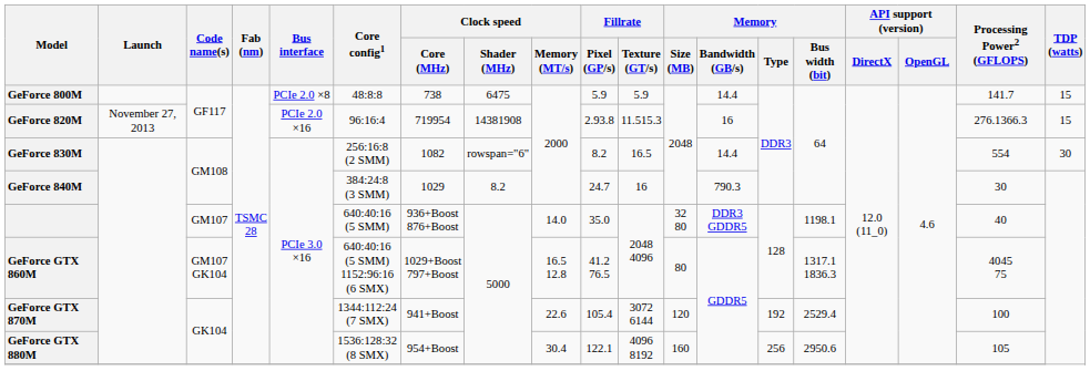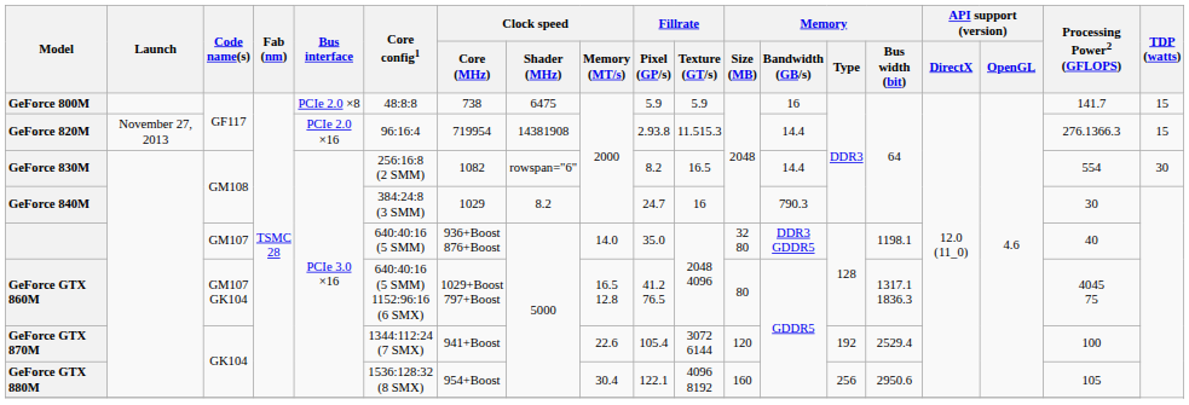 <table class="wikitable sortable sort-under mw-datatable" style="font-size: 85%; text-align: center;">
 <tr>
 <th rowspan="2">Model</th>
 <th rowspan="2">Launch</th>
 <th rowspan="2"><a href='#'>Code<br>name</a>(s)</th>
 <th rowspan="2">Fab<br>(<a href='#'>nm</a>)</th>
 <th rowspan="2"><a href='#'>Bus</a><br><a href='#'>interface</a></th>
 <th rowspan="2">Core config<sup>1</sup></th>
 <th colspan="3">Clock speed</th>
 <th colspan="2"><a href='#'>Fillrate</a></th>
 <th colspan="4"><a href='#'>Memory</a></th>
 <th colspan="2"><a href='#'>API</a> support (version)</th>
 <th rowspan="2">Processing Power<sup>2</sup><br>(<a href='#'>GFLOPS</a>)</th>
 <th rowspan="2"><a href='#'>TDP</a><br>(<a href='#'>watts</a>)</th>
 </tr>
 <tr>
 <th>Core<br>(<a href='#'>MHz</a>)</th>
 <th>Shader<br>(<a href='#'>MHz</a>)</th>
 <th>Memory<br>(<a href='#'>MT/s</a>)</th>
 <th>Pixel<br>(<a href='#'>GP</a>/s)</th>
 <th>Texture<br>(<a href='#'>GT</a>/s)</th>
 <th>Size<br>(<a href='#'>MB</a>)</th>
 <th>Bandwidth<br>(<a href='#'>GB</a>/s)</th>
 <th>Type</th>
 <th>Bus width<br>(<a href='#'>bit</a>)</th>
 <th><a href='#'>DirectX</a></th>
 <th><a href='#'>OpenGL</a></th>
 </tr>
 <tr>
 <th style="text-align:left;">GeForce 800M</th>
 <td></td>
 <td rowspan="2">GF117</td>
 <td rowspan="8"><a href='#'>TSMC</a><br><a href='#'>28</a></td>
 <td><a href='#'>PCIe 2.0</a> ×8</td>
 <td>48:8:8</td>
 <td>738</td>
 <td>6475</td>
 <td rowspan="4">2000</td>
 <td>5.9</td>
 <td>5.9</td>
 <td rowspan="4">2048</td>
-<td>14.4</td>
+<td>16</td>
 <td rowspan="4"><a href='#'>DDR3</a></td>
 <td rowspan="4">64</td>
 <td rowspan="8">12.0<br>(11_0)</td>
 <td rowspan="8">4.6</td>
 <td>141.7</td>
 <td>15</td>
 </tr>
 <tr>
 <th style="text-align:left;">GeForce 820M</th>
 <td>November 27, 2013</td>
 <td><a href='#'>PCIe 2.0</a> ×16</td>
 <td>96:16:4</td>
 <td>719954</td>
 <td>14381908</td>
 <td>2.93.8</td>
 <td>11.515.3</td>
-<td>16</td>
+<td>14.4</td>
 <td>276.1366.3</td>
 <td>15</td>
 </tr>
 <tr>
 <th style="text-align:left;">GeForce 830M</th>
 <td rowspan="6"></td>
 <td rowspan="2">GM108</td>
 <td rowspan="6"><a href='#'>PCIe 3.0</a> ×16</td>
 <td>256:16:8<br>(2 SMM)</td>
 <td>1082</td>
 <td>rowspan="6" </td>
 <td>8.2</td>
 <td>16.5</td>
 <td>14.4</td>
 <td>554</td>
 <td>30</td>
 </tr>
 <tr>
 <th style="text-align:left;">GeForce 840M</th>
 <td>384:24:8<br>(3 SMM)</td>
 <td>1029</td>
 <td>8.2</td>
 <td>24.7</td>
 <td>16</td>
 <td>790.3</td>
 <td>30</td>
 </tr>
 <tr>
 <th style="text-align:left;"></th>
 <td>GM107</td>
 <td>640:40:16<br>(5 SMM)</td>
 <td>936+Boost<br>876+Boost</td>
 <td rowspan="4">5000</td>
 <td>14.0</td>
 <td>35.0</td>
 <td rowspan="2">2048<br>4096</td>
 <td>32<br>80</td>
 <td><a href='#'>DDR3</a><br><a href='#'>GDDR5</a></td>
 <td rowspan="2">128</td>
 <td>1198.1</td>
 <td>40</td>
 </tr>
 <tr>
 <th style="text-align:left;">GeForce GTX 860M</th>
 <td>GM107<br>GK104</td>
 <td>640:40:16<br>(5 SMM)<br>1152:96:16<br>(6 SMX)</td>
 <td>1029+Boost<br>797+Boost</td>
 <td>16.5<br>12.8</td>
 <td>41.2<br>76.5</td>
 <td>80</td>
 <td rowspan="3"><a href='#'>GDDR5</a></td>
 <td>1317.1<br>1836.3</td>
 <td>4045<br>75</td>
 </tr>
 <tr>
 <th style="text-align:left;">GeForce GTX 870M</th>
 <td rowspan="2">GK104</td>
 <td>1344:112:24<br>(7 SMX)</td>
 <td>941+Boost</td>
 <td>22.6</td>
 <td>105.4</td>
 <td>3072<br>6144</td>
 <td>120</td>
 <td>192</td>
 <td>2529.4</td>
 <td>100</td>
 </tr>
 <tr>
 <th style="text-align:left;">GeForce GTX 880M</th>
 <td>1536:128:32<br>(8 SMX)</td>
 <td>954+Boost</td>
 <td>30.4</td>
 <td>122.1</td>
 <td>4096<br>8192</td>
 <td>160</td>
 <td>256</td>
 <td>2950.6</td>
 <td>105</td>
 </tr>
 <tr>
 </tr>
 </table>
